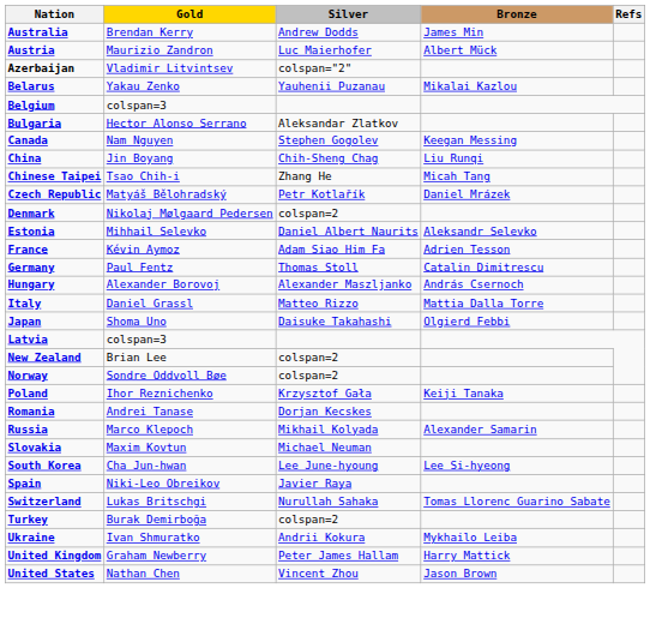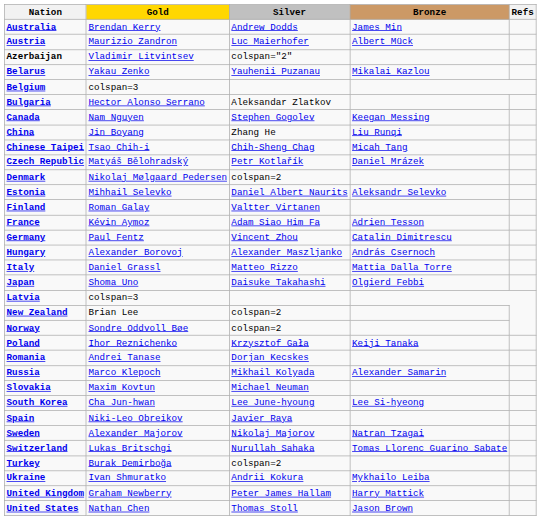 <table class="wikitable">
 <tr>
 <th>Nation</th>
 <td style="text-align:center; background:gold;"><strong>Gold</strong></td>
 <td style="text-align:center; background:silver;"><strong>Silver</strong></td>
 <td style="text-align:center; background:#c96;"><strong>Bronze</strong></td>
 <th>Refs</th>
 </tr>
 <tr>
 <td><strong><a href='#'>Australia</a></strong></td>
 <td><a href='#'>Brendan Kerry</a></td>
 <td><a href='#'>Andrew Dodds</a></td>
 <td><a href='#'>James Min</a></td>
 <td></td>
 </tr>
 <tr>
 <td><strong><a href='#'>Austria</a></strong></td>
 <td><a href='#'>Maurizio Zandron</a></td>
 <td><a href='#'>Luc Maierhofer</a></td>
 <td><a href='#'>Albert Mück</a></td>
 <td></td>
 </tr>
 <tr>
 <td><strong>Azerbaijan</strong></td>
 <td><a href='#'>Vladimir Litvintsev</a></td>
 <td>colspan="2" </td>
 <td></td>
 </tr>
 <tr>
 <td><strong><a href='#'>Belarus</a></strong></td>
 <td><a href='#'>Yakau Zenko</a></td>
 <td><a href='#'>Yauhenii Puzanau</a></td>
 <td><a href='#'>Mikalai Kazlou</a></td>
 <td></td>
 </tr>
 <tr>
 <td><strong><a href='#'>Belgium</a></strong></td>
 <td>colspan=3 </td>
 <td></td>
 </tr>
 <tr>
 <td><strong><a href='#'>Bulgaria</a></strong></td>
 <td><a href='#'>Hector Alonso Serrano</a></td>
 <td>Aleksandar Zlatkov</td>
 <td></td>
 <td></td>
 </tr>
 <tr>
 <td><strong><a href='#'>Canada</a></strong></td>
 <td><a href='#'>Nam Nguyen</a></td>
 <td><a href='#'>Stephen Gogolev</a></td>
 <td><a href='#'>Keegan Messing</a></td>
 <td></td>
 </tr>
 <tr>
 <td><strong><a href='#'>China</a></strong></td>
 <td><a href='#'>Jin Boyang</a></td>
-<td><a href='#'>Chih-Sheng Chag</a></td>
+<td>Zhang He</td>
 <td><a href='#'>Liu Runqi</a></td>
 <td></td>
 </tr>
 <tr>
 <td><strong> <a href='#'>Chinese Taipei</a></strong></td>
 <td><a href='#'>Tsao Chih-i</a></td>
-<td>Zhang He</td>
+<td><a href='#'>Chih-Sheng Chag</a></td>
 <td><a href='#'>Micah Tang</a></td>
 <td></td>
 </tr>
 <tr>
 <td><strong><a href='#'>Czech Republic</a></strong></td>
 <td><a href='#'>Matyáš Bělohradský</a></td>
 <td><a href='#'>Petr Kotlařík</a></td>
 <td><a href='#'>Daniel Mrázek</a></td>
 <td></td>
 </tr>
 <tr>
 <td><strong><a href='#'>Denmark</a></strong></td>
 <td><a href='#'>Nikolaj Mølgaard Pedersen</a></td>
 <td>colspan=2 </td>
 <td></td>
 </tr>
 <tr>
 <td><strong><a href='#'>Estonia</a></strong></td>
 <td><a href='#'>Mihhail Selevko</a></td>
 <td><a href='#'>Daniel Albert Naurits</a></td>
 <td><a href='#'>Aleksandr Selevko</a></td>
 <td></td>
 </tr>
 <tr>
+<td><strong><a href='#'>Finland</a></strong></td>
+<td><a href='#'>Roman Galay</a></td>
+<td><a href='#'>Valtter Virtanen</a></td>
+<td></td>
+<td></td>
+</tr>
+<tr>
 <td><strong><a href='#'>France</a></strong></td>
 <td><a href='#'>Kévin Aymoz</a></td>
 <td><a href='#'>Adam Siao Him Fa</a></td>
 <td><a href='#'>Adrien Tesson</a></td>
 <td></td>
 </tr>
 <tr>
 <td><strong><a href='#'>Germany</a></strong></td>
 <td><a href='#'>Paul Fentz</a></td>
-<td><a href='#'>Thomas Stoll</a></td>
+<td><a href='#'>Vincent Zhou</a></td>
 <td><a href='#'>Catalin Dimitrescu</a></td>
 <td></td>
 </tr>
 <tr>
 <td><strong><a href='#'>Hungary</a></strong></td>
 <td><a href='#'>Alexander Borovoj</a></td>
 <td><a href='#'>Alexander Maszljanko</a></td>
 <td><a href='#'>András Csernoch</a></td>
 <td></td>
 </tr>
 <tr>
 <td><strong><a href='#'>Italy</a></strong></td>
 <td><a href='#'>Daniel Grassl</a></td>
 <td><a href='#'>Matteo Rizzo</a></td>
 <td><a href='#'>Mattia Dalla Torre</a></td>
 <td></td>
 </tr>
 <tr>
 <td><strong><a href='#'>Japan</a></strong></td>
 <td><a href='#'>Shoma Uno</a></td>
 <td><a href='#'>Daisuke Takahashi</a></td>
 <td><a href='#'>Olgierd Febbi</a></td>
 <td></td>
 </tr>
 <tr>
 <td><strong><a href='#'>Latvia</a></strong></td>
 <td>colspan=3 </td>
 <td></td>
 </tr>
 <tr>
 <td><strong><a href='#'>New Zealand</a></strong></td>
 <td>Brian Lee</td>
 <td>colspan=2 </td>
 <td></td>
 </tr>
 <tr>
 <td><strong><a href='#'>Norway</a></strong></td>
 <td><a href='#'>Sondre Oddvoll Bøe</a></td>
 <td>colspan=2 </td>
 <td></td>
 </tr>
 <tr>
 <td><strong><a href='#'>Poland</a></strong></td>
 <td><a href='#'>Ihor Reznichenko</a></td>
 <td><a href='#'>Krzysztof Gała</a></td>
 <td><a href='#'>Keiji Tanaka</a></td>
 <td></td>
 </tr>
 <tr>
 <td><strong><a href='#'>Romania</a></strong></td>
 <td><a href='#'>Andrei Tanase</a></td>
 <td><a href='#'>Dorjan Kecskes</a></td>
 <td></td>
 <td></td>
 </tr>
 <tr>
 <td><strong><a href='#'>Russia</a></strong></td>
 <td><a href='#'>Marco Klepoch</a></td>
 <td><a href='#'>Mikhail Kolyada</a></td>
 <td><a href='#'>Alexander Samarin</a></td>
 <td></td>
 </tr>
 <tr>
 <td><strong><a href='#'>Slovakia</a></strong></td>
 <td><a href='#'>Maxim Kovtun</a></td>
 <td><a href='#'>Michael Neuman</a></td>
 <td></td>
 <td></td>
 </tr>
 <tr>
 <td><strong><a href='#'>South Korea</a></strong></td>
 <td><a href='#'>Cha Jun-hwan</a></td>
 <td><a href='#'>Lee June-hyoung</a></td>
 <td><a href='#'>Lee Si-hyeong</a></td>
 <td></td>
 </tr>
 <tr>
 <td><strong><a href='#'>Spain</a></strong></td>
 <td><a href='#'>Niki-Leo Obreikov</a></td>
 <td><a href='#'>Javier Raya</a></td>
 <td></td>
 <td></td>
 </tr>
 <tr>
+<td><strong><a href='#'>Sweden</a></strong></td>
+<td><a href='#'>Alexander Majorov</a></td>
+<td><a href='#'>Nikolaj Majorov</a></td>
+<td><a href='#'>Natran Tzagai</a></td>
+<td></td>
+</tr>
+<tr>
 <td><strong><a href='#'>Switzerland</a></strong></td>
 <td><a href='#'>Lukas Britschgi</a></td>
 <td><a href='#'>Nurullah Sahaka</a></td>
 <td><a href='#'>Tomas Llorenc Guarino Sabate</a></td>
 <td></td>
 </tr>
 <tr>
 <td><strong><a href='#'>Turkey</a></strong></td>
 <td><a href='#'>Burak Demirboğa</a></td>
 <td>colspan=2 </td>
 <td></td>
 </tr>
 <tr>
 <td><strong><a href='#'>Ukraine</a></strong></td>
 <td><a href='#'>Ivan Shmuratko</a></td>
 <td><a href='#'>Andrii Kokura</a></td>
 <td><a href='#'>Mykhailo Leiba</a></td>
 <td></td>
 </tr>
 <tr>
 <td><strong><a href='#'>United Kingdom</a></strong></td>
 <td><a href='#'>Graham Newberry</a></td>
 <td><a href='#'>Peter James Hallam</a></td>
 <td><a href='#'>Harry Mattick</a></td>
 <td></td>
 </tr>
 <tr>
 <td><strong><a href='#'>United States</a></strong></td>
 <td><a href='#'>Nathan Chen</a></td>
-<td><a href='#'>Vincent Zhou</a></td>
+<td><a href='#'>Thomas Stoll</a></td>
 <td><a href='#'>Jason Brown</a></td>
 <td></td>
 </tr>
 </table>
